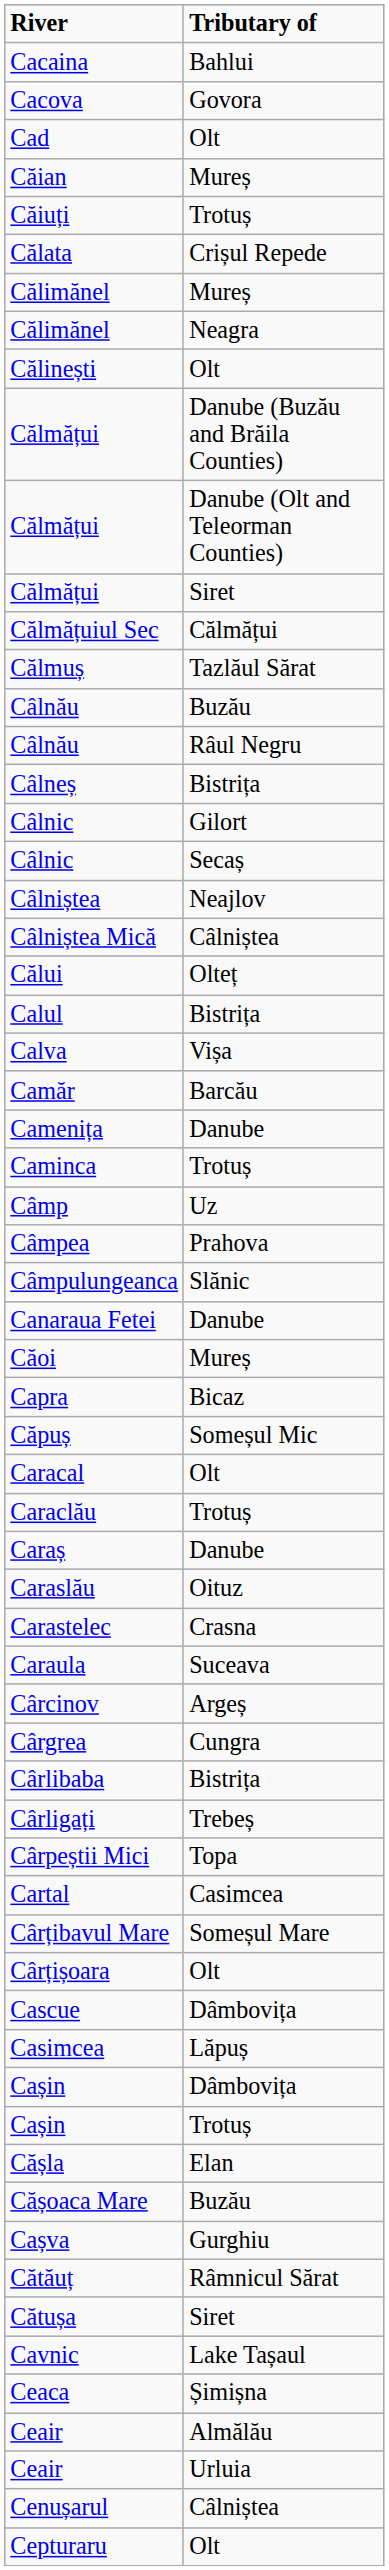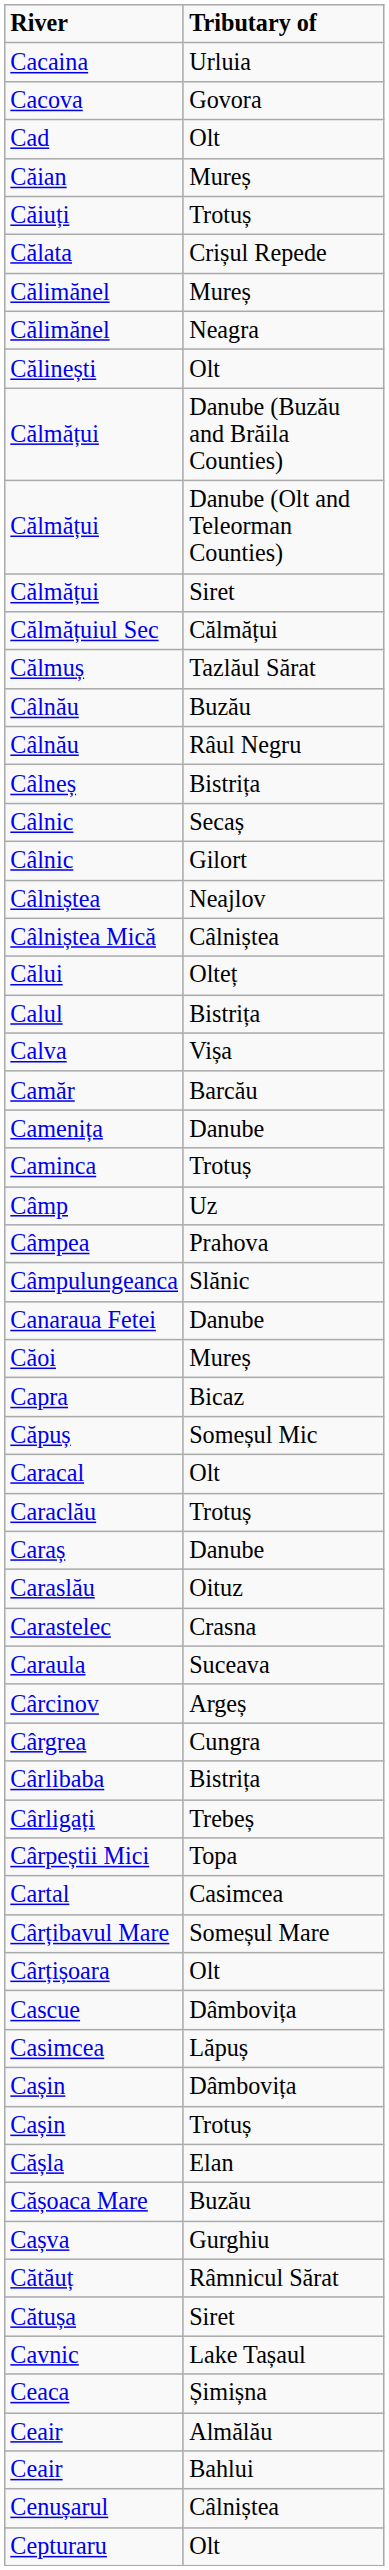 <table class="wikitable">
 <tr>
 <td width="100pt"><strong>River</strong></td>
 <td width="125pt"><strong>Tributary of</strong></td>
 </tr>
 <tr>
 <td><a href='#'>Cacaina</a></td>
-<td>Bahlui</td>
+<td>Urluia</td>
 </tr>
 <tr>
 <td><a href='#'>Cacova</a></td>
 <td>Govora</td>
 </tr>
 <tr>
 <td><a href='#'>Cad</a></td>
 <td>Olt</td>
 </tr>
 <tr>
 <td><a href='#'>Căian</a></td>
 <td>Mureș</td>
 </tr>
 <tr>
 <td><a href='#'>Căiuți</a></td>
 <td>Trotuș</td>
 </tr>
 <tr>
 <td><a href='#'>Călata</a></td>
 <td>Crișul Repede</td>
 </tr>
 <tr>
 <td><a href='#'>Călimănel</a></td>
 <td>Mureș</td>
 </tr>
 <tr>
 <td><a href='#'>Călimănel</a></td>
 <td>Neagra</td>
 </tr>
 <tr>
 <td><a href='#'>Călinești</a></td>
 <td>Olt</td>
 </tr>
 <tr>
 <td><a href='#'>Călmățui</a></td>
 <td>Danube (Buzău and Brăila Counties)</td>
 </tr>
 <tr>
 <td><a href='#'>Călmățui</a></td>
 <td>Danube (Olt and Teleorman Counties)</td>
 </tr>
 <tr>
 <td><a href='#'>Călmățui</a></td>
 <td>Siret</td>
 </tr>
 <tr>
 <td><a href='#'>Călmățuiul Sec</a></td>
 <td>Călmățui</td>
 </tr>
 <tr>
 <td><a href='#'>Călmuș</a></td>
 <td>Tazlăul Sărat</td>
 </tr>
 <tr>
 <td><a href='#'>Câlnău</a></td>
 <td>Buzău</td>
 </tr>
 <tr>
 <td><a href='#'>Câlnău</a></td>
 <td>Râul Negru</td>
 </tr>
 <tr>
 <td><a href='#'>Câlneș</a></td>
 <td>Bistrița</td>
 </tr>
 <tr>
 <td><a href='#'>Câlnic</a></td>
-<td>Gilort</td>
+<td>Secaș</td>
 </tr>
 <tr>
 <td><a href='#'>Câlnic</a></td>
-<td>Secaș</td>
+<td>Gilort</td>
 </tr>
 <tr>
 <td><a href='#'>Câlniștea</a></td>
 <td>Neajlov</td>
 </tr>
 <tr>
 <td><a href='#'>Câlniștea Mică</a></td>
 <td>Câlniștea</td>
 </tr>
 <tr>
 <td><a href='#'>Călui</a></td>
 <td>Olteț</td>
 </tr>
 <tr>
 <td><a href='#'>Calul</a></td>
 <td>Bistrița</td>
 </tr>
 <tr>
 <td><a href='#'>Calva</a></td>
 <td>Vișa</td>
 </tr>
 <tr>
 <td><a href='#'>Camăr</a></td>
 <td>Barcău</td>
 </tr>
 <tr>
 <td><a href='#'>Camenița</a></td>
 <td>Danube</td>
 </tr>
 <tr>
 <td><a href='#'>Caminca</a></td>
 <td>Trotuș</td>
 </tr>
 <tr>
 <td><a href='#'>Câmp</a></td>
 <td>Uz</td>
 </tr>
 <tr>
 <td><a href='#'>Câmpea</a></td>
 <td>Prahova</td>
 </tr>
 <tr>
 <td><a href='#'>Câmpulungeanca</a></td>
 <td>Slănic</td>
 </tr>
 <tr>
 <td><a href='#'>Canaraua Fetei</a></td>
 <td>Danube</td>
 </tr>
 <tr>
 <td><a href='#'>Căoi</a></td>
 <td>Mureș</td>
 </tr>
 <tr>
 <td><a href='#'>Capra</a></td>
 <td>Bicaz</td>
 </tr>
 <tr>
 <td><a href='#'>Căpuș</a></td>
 <td>Someșul Mic</td>
 </tr>
 <tr>
 <td><a href='#'>Caracal</a></td>
 <td>Olt</td>
 </tr>
 <tr>
 <td><a href='#'>Caraclău</a></td>
 <td>Trotuș</td>
 </tr>
 <tr>
 <td><a href='#'>Caraș</a></td>
 <td>Danube</td>
 </tr>
 <tr>
 <td><a href='#'>Caraslău</a></td>
 <td>Oituz</td>
 </tr>
 <tr>
 <td><a href='#'>Carastelec</a></td>
 <td>Crasna</td>
 </tr>
 <tr>
 <td><a href='#'>Caraula</a></td>
 <td>Suceava</td>
 </tr>
 <tr>
 <td><a href='#'>Cârcinov</a></td>
 <td>Argeș</td>
 </tr>
 <tr>
 <td><a href='#'>Cârgrea</a></td>
 <td>Cungra</td>
 </tr>
 <tr>
 <td><a href='#'>Cârlibaba</a></td>
 <td>Bistrița</td>
 </tr>
 <tr>
 <td><a href='#'>Cârligați</a></td>
 <td>Trebeș</td>
 </tr>
 <tr>
 <td><a href='#'>Cârpeștii Mici</a></td>
 <td>Topa</td>
 </tr>
 <tr>
 <td><a href='#'>Cartal</a></td>
 <td>Casimcea</td>
 </tr>
 <tr>
 <td><a href='#'>Cârțibavul Mare</a></td>
 <td>Someșul Mare</td>
 </tr>
 <tr>
 <td><a href='#'>Cârțișoara</a></td>
 <td>Olt</td>
 </tr>
 <tr>
 <td><a href='#'>Cascue</a></td>
 <td>Dâmbovița</td>
 </tr>
 <tr>
 <td><a href='#'>Casimcea</a></td>
 <td>Lăpuș</td>
 </tr>
 <tr>
 <td><a href='#'>Cașin</a></td>
 <td>Dâmbovița</td>
 </tr>
 <tr>
 <td><a href='#'>Cașin</a></td>
 <td>Trotuș</td>
 </tr>
 <tr>
 <td><a href='#'>Cășla</a></td>
 <td>Elan</td>
 </tr>
 <tr>
 <td><a href='#'>Cășoaca Mare</a></td>
 <td>Buzău</td>
 </tr>
 <tr>
 <td><a href='#'>Cașva</a></td>
 <td>Gurghiu</td>
 </tr>
 <tr>
 <td><a href='#'>Cătăuț</a></td>
 <td>Râmnicul Sărat</td>
 </tr>
 <tr>
 <td><a href='#'>Cătușa</a></td>
 <td>Siret</td>
 </tr>
 <tr>
 <td><a href='#'>Cavnic</a></td>
 <td>Lake Tașaul</td>
 </tr>
 <tr>
 <td><a href='#'>Ceaca</a></td>
 <td>Șimișna</td>
 </tr>
 <tr>
 <td><a href='#'>Ceair</a></td>
 <td>Almălău</td>
 </tr>
 <tr>
 <td><a href='#'>Ceair</a></td>
-<td>Urluia</td>
+<td>Bahlui</td>
 </tr>
 <tr>
 <td><a href='#'>Cenușarul</a></td>
 <td>Câlniștea</td>
 </tr>
 <tr>
 <td><a href='#'>Cepturaru</a></td>
 <td>Olt</td>
 </tr>
 </table>
